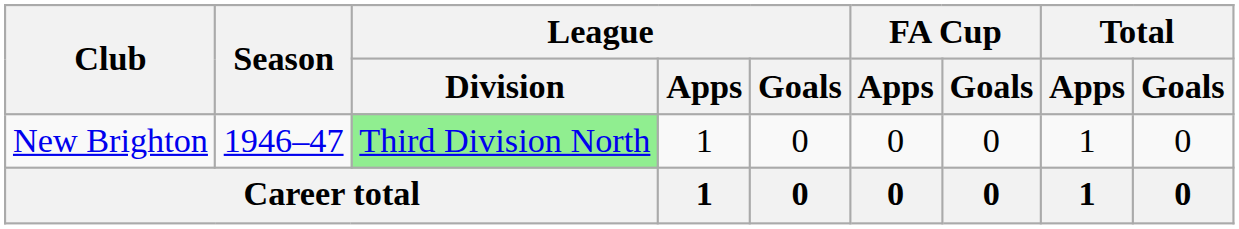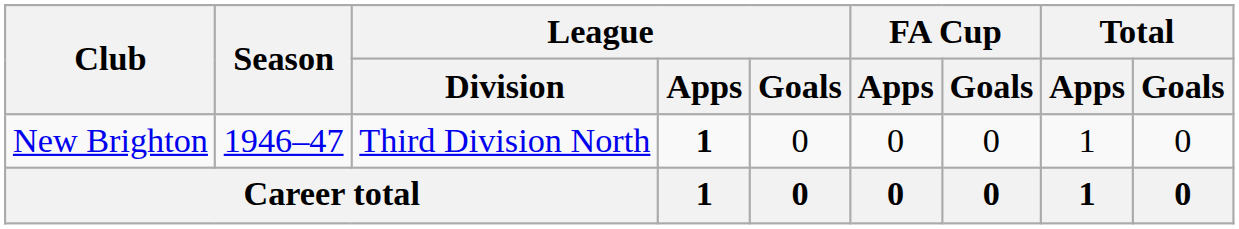 <table class="wikitable" style="text-align: center;">
 <tr>
 <th rowspan=2>Club</th>
 <th rowspan=2>Season</th>
 <th colspan=3>League</th>
 <th colspan=2>FA Cup</th>
 <th colspan=2>Total</th>
 </tr>
 <tr>
 <th>Division</th>
 <th>Apps</th>
 <th>Goals</th>
 <th>Apps</th>
 <th>Goals</th>
 <th>Apps</th>
 <th>Goals</th>
 </tr>
 <tr>
 <td><a href='#'>New Brighton</a></td>
 <td><a href='#'>1946–47</a></td>
-<td style="background: lightgreen;"><a href='#'>Third Division North</a></td>
-<td>1</td>
+<td><a href='#'>Third Division North</a></td>
+<td><strong>1</strong></td>
 <td>0</td>
 <td>0</td>
 <td>0</td>
 <td>1</td>
 <td>0</td>
 </tr>
 <tr>
 <th colspan=3>Career total</th>
 <th>1</th>
 <th>0</th>
 <th>0</th>
 <th>0</th>
 <th>1</th>
 <th>0</th>
 </tr>
 </table>
